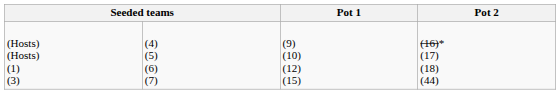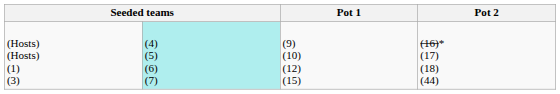 <table class="wikitable" width=800>
 <tr>
 <th colspan=2>Seeded teams</th>
 <th width=25%>Pot 1</th>
 <th width=25%>Pot 2</th>
 </tr>
 <tr>
 <td width=25%><br> (Hosts)<br>  (Hosts)<br>  (1)<br>  (3)</td>
-<td width=25%><br> (4)<br>  (5)<br>  (6)<br>  (7)</td>
+<td width=25% style="background: paleturquoise;"><br> (4)<br>  (5)<br>  (6)<br>  (7)</td>
 <td><br> (9)<br>  (10)<br>  (12)<br>  (15)</td>
 <td><br><s> (16)</s>* <br>  (17)<br>  (18)<br>  (44)</td>
 </tr>
 </table>
